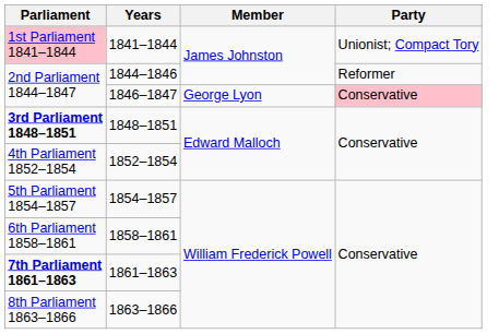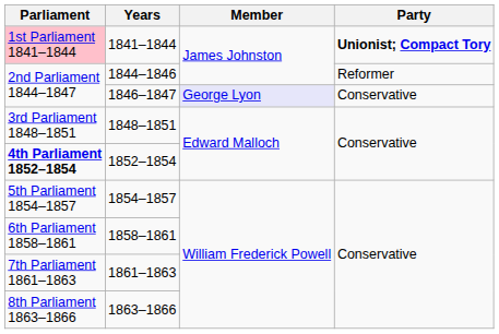 <table class="wikitable">
 <tr>
 <th>Parliament</th>
 <th>Years</th>
 <th>Member</th>
 <th>Party</th>
 </tr>
 <tr>
 <td style="background: pink;"><a href='#'>1st Parliament</a><br>1841–1844</td>
 <td>1841–1844</td>
 <td rowspan="2"><a href='#'>James Johnston</a></td>
-<td>Unionist;  <a href='#'>Compact Tory</a></td>
+<td><strong>Unionist;  <a href='#'>Compact Tory</a></strong></td>
 </tr>
 <tr>
 <td rowspan="2"><a href='#'>2nd Parliament</a><br>1844–1847</td>
 <td>1844–1846</td>
 <td>Reformer</td>
 </tr>
 <tr>
 <td>1846–1847</td>
-<td><a href='#'>George Lyon</a></td>
-<td style="background: pink;">Conservative</td>
+<td style="background: lavender;"><a href='#'>George Lyon</a></td>
+<td>Conservative</td>
 </tr>
 <tr>
-<td><strong><a href='#'>3rd Parliament</a><br>1848–1851</strong></td>
+<td><a href='#'>3rd Parliament</a><br>1848–1851</td>
 <td>1848–1851</td>
 <td rowspan="2"><a href='#'>Edward Malloch</a></td>
 <td rowspan="2">Conservative</td>
 </tr>
 <tr>
-<td><a href='#'>4th Parliament</a><br>1852–1854</td>
+<td><strong><a href='#'>4th Parliament</a><br>1852–1854</strong></td>
 <td>1852–1854</td>
 </tr>
 <tr>
 <td><a href='#'>5th Parliament</a><br>1854–1857</td>
 <td>1854–1857</td>
 <td rowspan="4"><a href='#'>William Frederick Powell</a></td>
 <td rowspan="4">Conservative</td>
 </tr>
 <tr>
 <td><a href='#'>6th Parliament</a><br>1858–1861</td>
 <td>1858–1861</td>
 </tr>
 <tr>
-<td><strong><a href='#'>7th Parliament</a><br>1861–1863</strong></td>
+<td><a href='#'>7th Parliament</a><br>1861–1863</td>
 <td>1861–1863</td>
 </tr>
 <tr>
 <td><a href='#'>8th Parliament</a><br>1863–1866</td>
 <td>1863–1866</td>
 </tr>
 </table>
